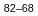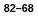 <table style="text-align:center">
 <tr>
 <th width=200></th>
 <th width=100></th>
 <th width=200></th>
 </tr>
 <tr>
 <td align=right></td>
-<td>82–68</td>
+<td><strong>82–68</strong></td>
 <td align=left></td>
 </tr>
 </table>
